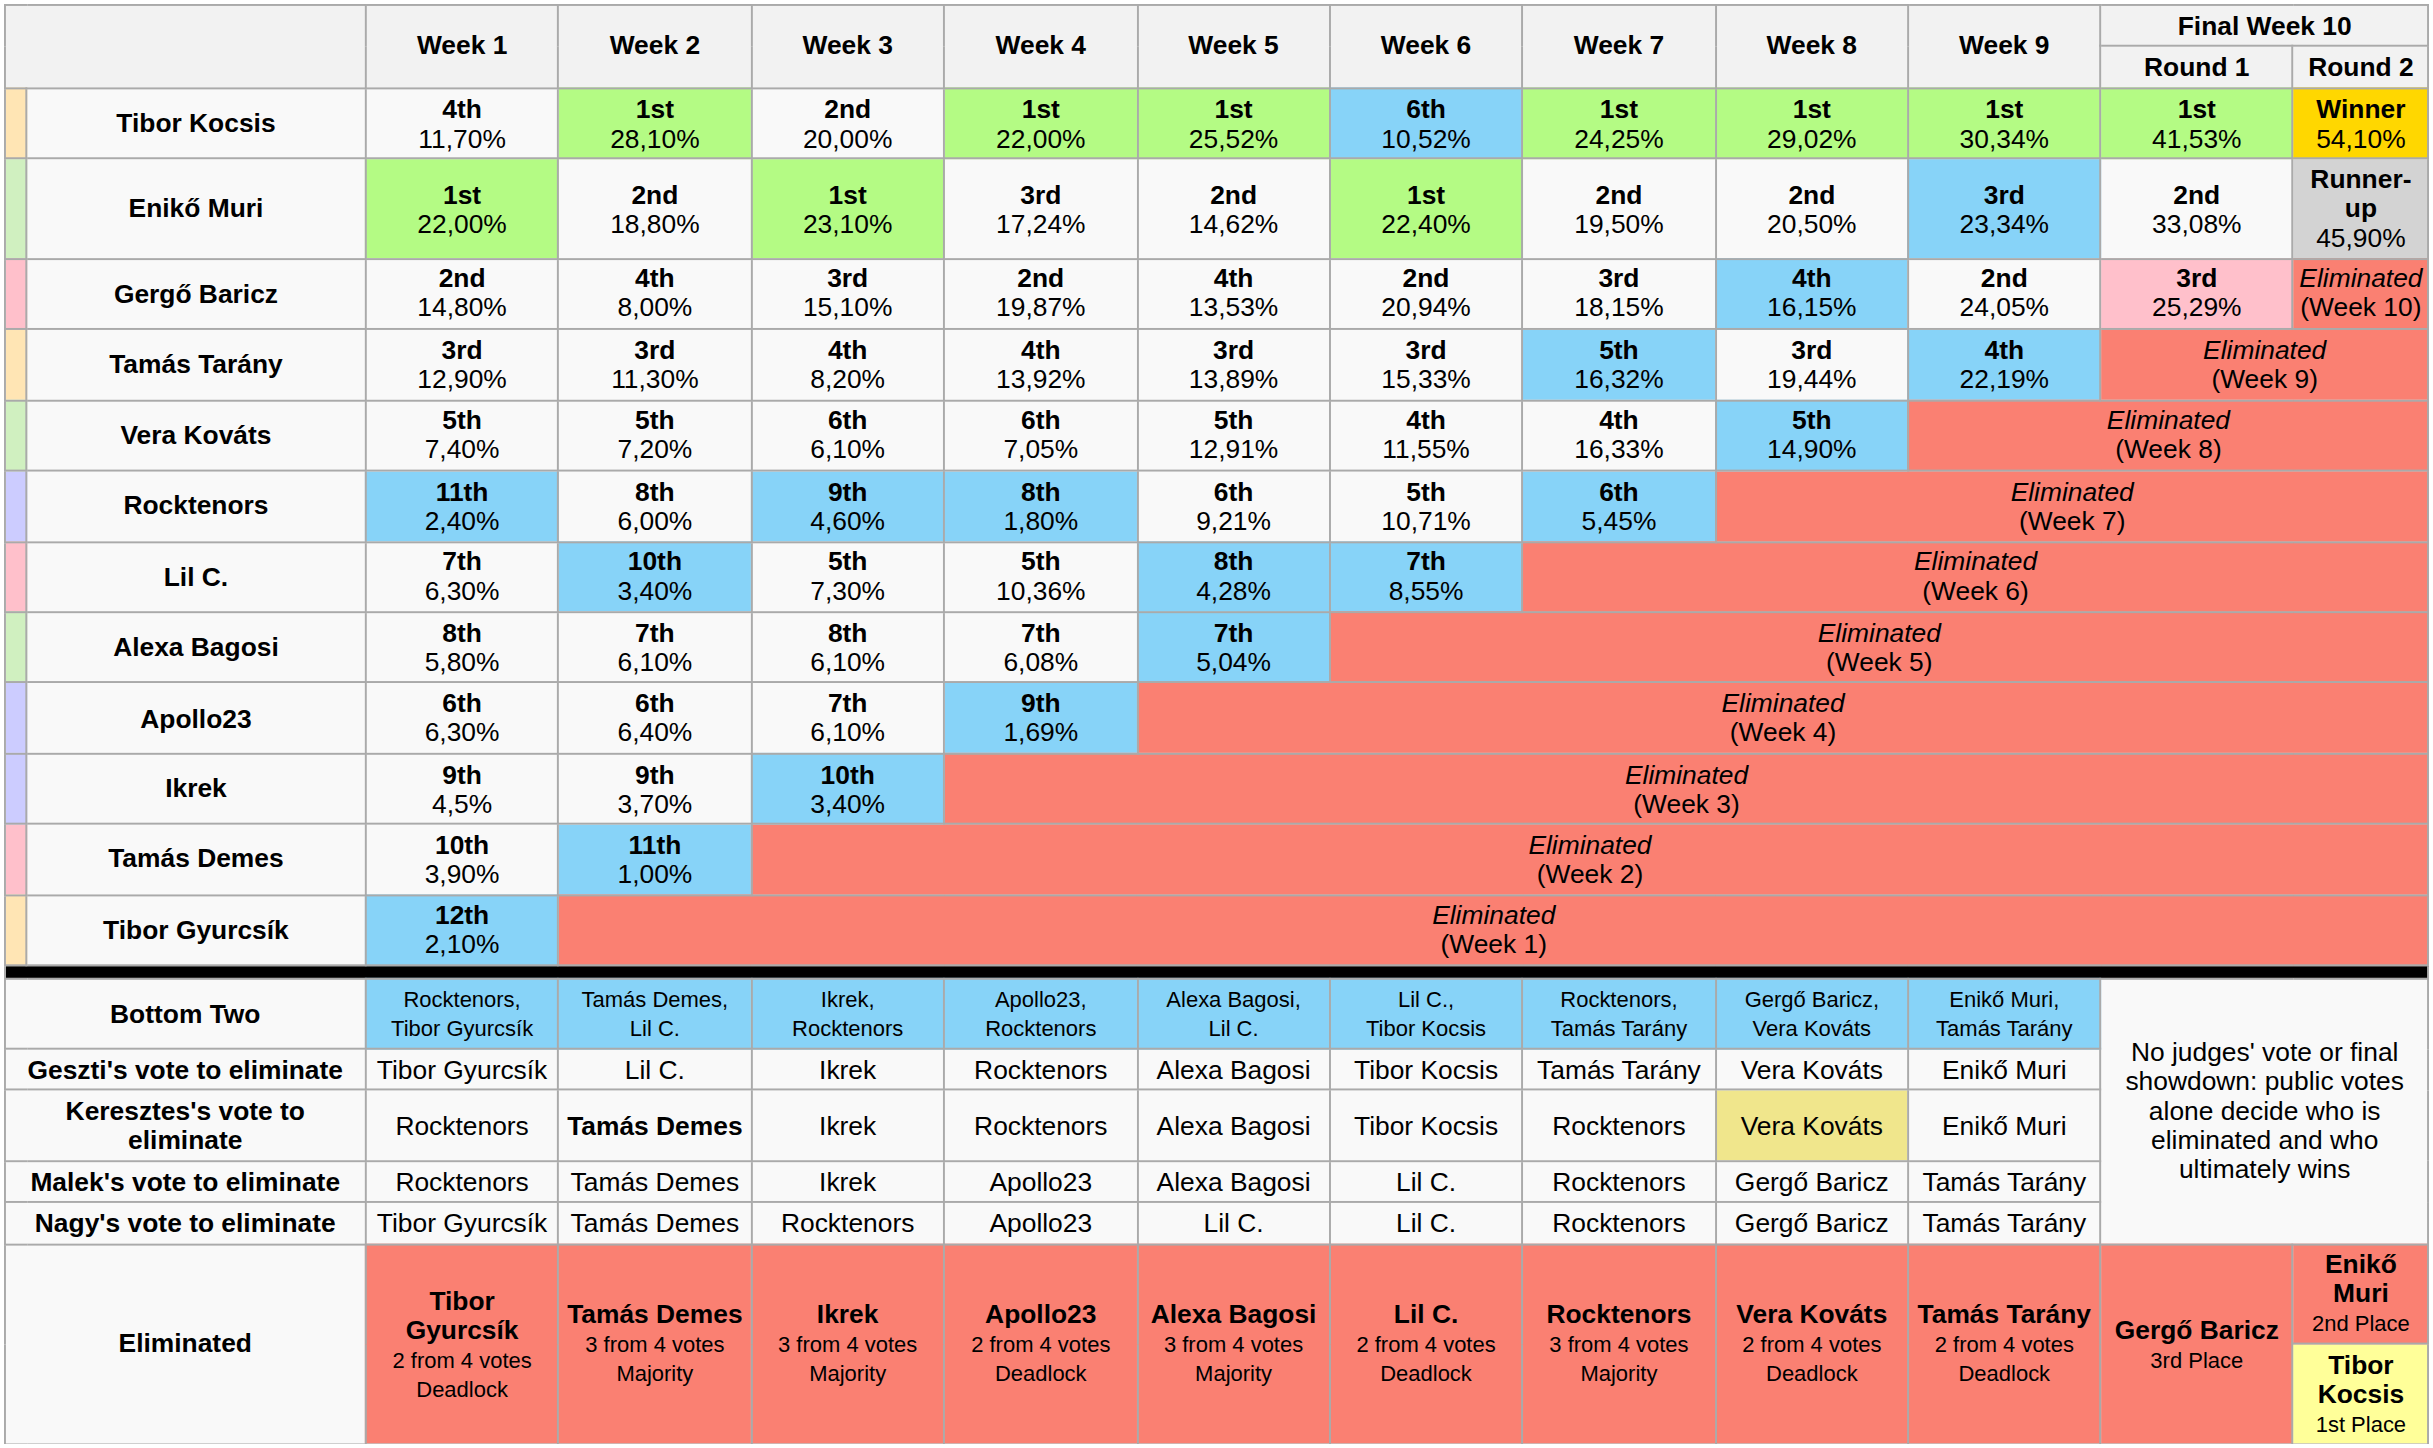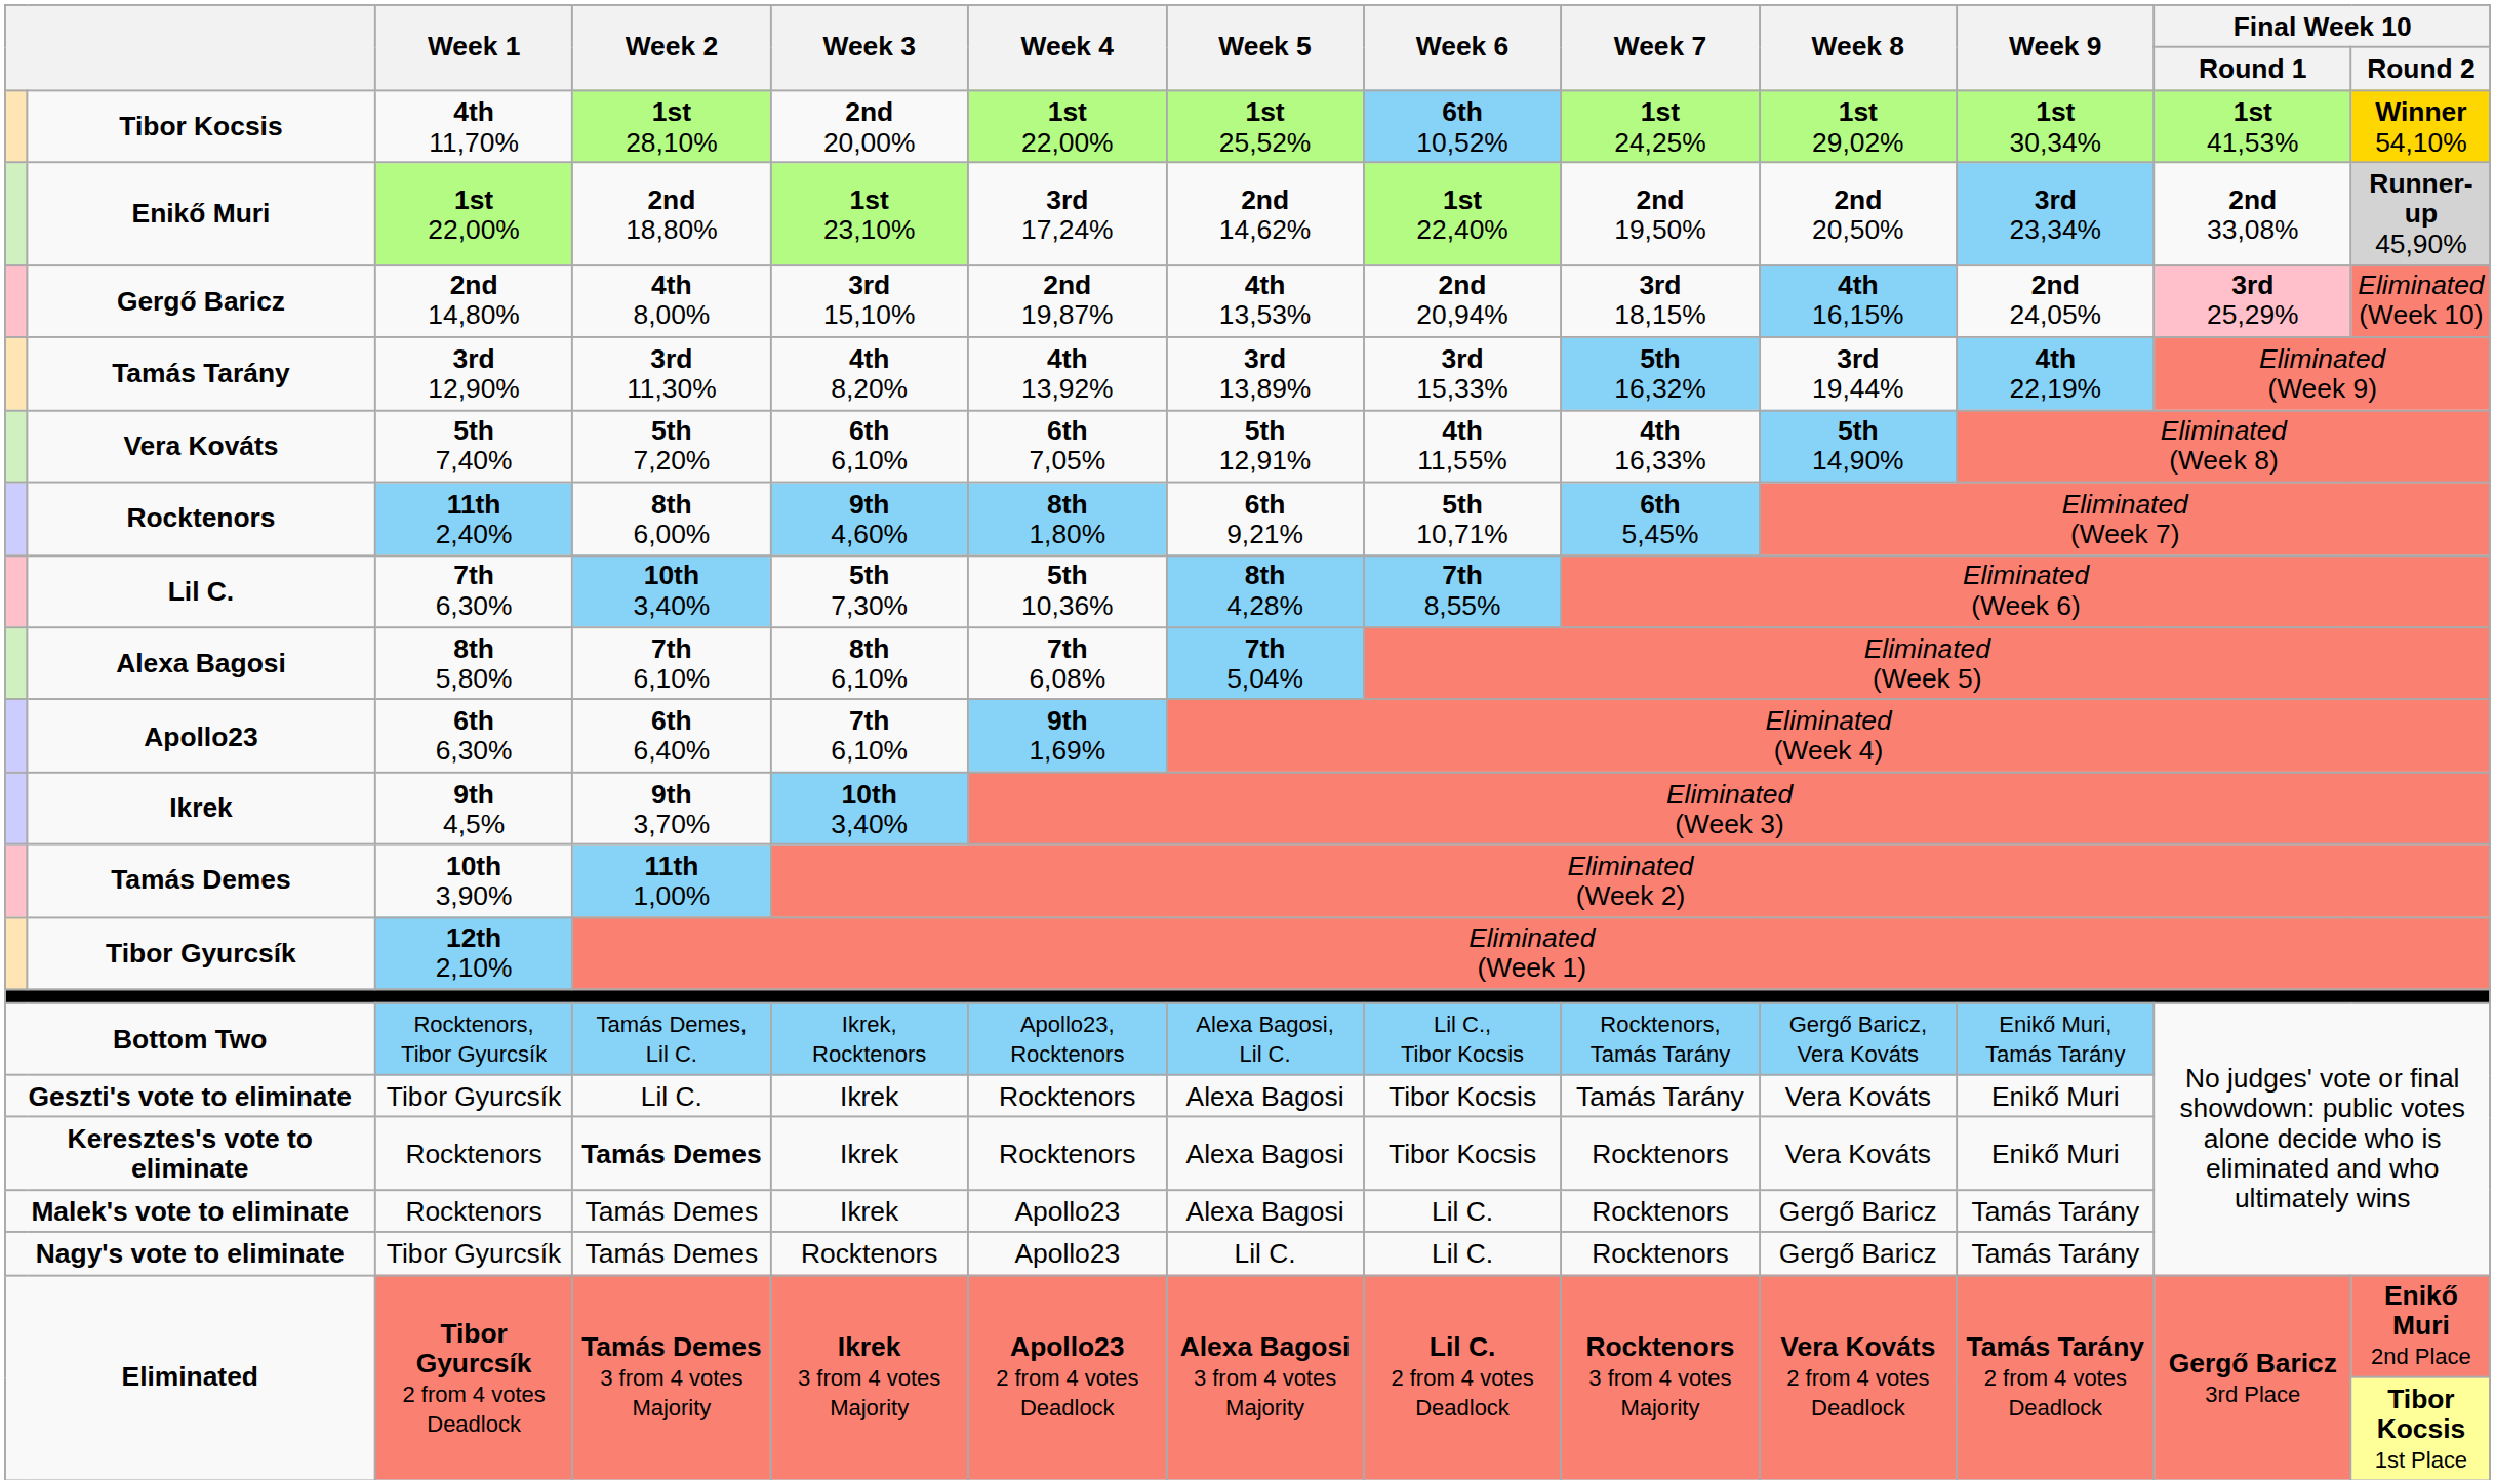 <table class="wikitable" style="text-align:center; font-size:85%">
 <tr>
 <th style="width:15%" rowspan=2 colspan=2></th>
 <th style="width:8%" rowspan=2>Week 1</th>
 <th style="width:8%" rowspan=2>Week 2</th>
 <th style="width:8%" rowspan=2>Week 3</th>
 <th style="width:8%" rowspan=2>Week 4</th>
 <th style="width:8%" rowspan=2>Week 5</th>
 <th style="width:8%" rowspan=2>Week 6</th>
 <th style="width:8%" rowspan=2>Week 7</th>
 <th style="width:8%" rowspan=2>Week 8</th>
 <th style="width:8%" rowspan=2>Week 9</th>
 <th colspan=2>Final Week 10</th>
 </tr>
 <tr>
 <th style="width:8%">Round 1</th>
 <th style="width:8%">Round 2</th>
 </tr>
 <tr>
 <td style="background:#ffe5b4;"></td>
 <td><strong>Tibor Kocsis</strong></td>
 <td><strong>4th</strong><br>11,70%</td>
 <td style="background:#B4FB84"><strong>1st</strong><br>28,10%</td>
 <td><strong>2nd</strong><br>20,00%</td>
 <td style="background:#B4FB84"><strong>1st</strong><br>22,00%</td>
 <td style="background:#B4FB84"><strong>1st</strong><br>25,52%</td>
 <td style="background:#87D3F8"><strong>6th</strong><br>10,52%</td>
 <td style="background:#B4FB84"><strong>1st</strong><br>24,25%</td>
 <td style="background:#B4FB84"><strong>1st</strong><br>29,02%</td>
 <td style="background:#B4FB84"><strong>1st</strong><br>30,34%</td>
 <td style="background:#B4FB84"><strong>1st</strong><br>41,53%</td>
 <td style="background:gold"><strong>Winner</strong><br>54,10%</td>
 </tr>
 <tr>
 <td style="background:#d0f0c0;"></td>
 <td><strong>Enikő Muri</strong></td>
 <td style="background:#B4FB84"><strong>1st</strong><br>22,00%</td>
 <td><strong>2nd</strong><br>18,80%</td>
 <td style="background:#B4FB84"><strong>1st</strong><br>23,10%</td>
 <td><strong>3rd</strong><br>17,24%</td>
 <td><strong>2nd</strong><br>14,62%</td>
 <td style="background:#B4FB84"><strong>1st</strong><br>22,40%</td>
 <td><strong>2nd</strong><br>19,50%</td>
 <td><strong>2nd</strong><br>20,50%</td>
 <td style="background:#87D3F8"><strong>3rd</strong><br>23,34%</td>
 <td><strong>2nd</strong><br>33,08%</td>
 <td style="background:lightgrey"><strong>Runner-up</strong><br>45,90%</td>
 </tr>
 <tr>
 <td style="background:pink"></td>
 <td><strong>Gergő Baricz</strong></td>
 <td><strong>2nd</strong><br>14,80%</td>
 <td><strong>4th</strong><br>8,00%</td>
 <td><strong>3rd</strong><br>15,10%</td>
 <td><strong>2nd</strong><br>19,87%</td>
 <td><strong>4th</strong><br>13,53%</td>
 <td><strong>2nd</strong><br>20,94%</td>
 <td><strong>3rd</strong><br>18,15%</td>
 <td style="background:#87D3F8"><strong>4th</strong><br>16,15%</td>
 <td><strong>2nd</strong><br>24,05%</td>
 <td style="background:pink"><strong>3rd</strong><br>25,29%</td>
 <td style="background:salmon;"><em>Eliminated</em><br>(Week 10)</td>
 </tr>
 <tr>
 <td style="background:#ffe5b4;"></td>
 <td><strong>Tamás Tarány</strong></td>
 <td><strong>3rd</strong><br>12,90%</td>
 <td><strong>3rd</strong><br>11,30%</td>
 <td><strong>4th</strong><br>8,20%</td>
 <td><strong>4th</strong><br>13,92%</td>
 <td><strong>3rd</strong><br>13,89%</td>
 <td><strong>3rd</strong><br>15,33%</td>
 <td style="background:#87D3F8"><strong>5th</strong><br>16,32%</td>
 <td><strong>3rd</strong><br>19,44%</td>
 <td style="background:#87D3F8"><strong>4th</strong><br>22,19%</td>
 <td style="background:salmon;" colspan="2"><em>Eliminated</em><br>(Week 9)</td>
 </tr>
 <tr>
 <td style="background:#d0f0c0;"></td>
 <td><strong>Vera Kováts</strong></td>
 <td><strong>5th</strong><br>7,40%</td>
 <td><strong>5th</strong><br>7,20%</td>
 <td><strong>6th</strong><br>6,10%</td>
 <td><strong>6th</strong><br>7,05%</td>
 <td><strong>5th</strong><br>12,91%</td>
 <td><strong>4th</strong><br>11,55%</td>
 <td><strong>4th</strong><br>16,33%</td>
 <td style="background:#87D3F8"><strong>5th</strong><br>14,90%</td>
 <td style="background:salmon;" colspan="3"><em>Eliminated</em><br>(Week 8)</td>
 </tr>
 <tr>
 <td style="background:#ccf;"></td>
 <td><strong>Rocktenors</strong></td>
 <td style="background:#87D3F8"><strong>11th</strong><br>2,40%</td>
 <td><strong>8th</strong><br>6,00%</td>
 <td style="background:#87D3F8"><strong>9th</strong><br>4,60%</td>
 <td style="background:#87D3F8"><strong>8th</strong><br>1,80%</td>
 <td><strong>6th</strong><br>9,21%</td>
 <td><strong>5th</strong><br>10,71%</td>
 <td style="background:#87D3F8"><strong>6th</strong><br>5,45%</td>
 <td style="background:salmon;" colspan="4"><em>Eliminated</em><br>(Week 7)</td>
 </tr>
 <tr>
 <td style="background:pink"></td>
 <td><strong>Lil C.</strong></td>
 <td><strong>7th</strong><br>6,30%</td>
 <td style="background:#87D3F8"><strong>10th</strong><br>3,40%</td>
 <td><strong>5th</strong><br>7,30%</td>
 <td><strong>5th</strong><br>10,36%</td>
 <td style="background:#87D3F8"><strong>8th</strong><br>4,28%</td>
 <td style="background:#87D3F8"><strong>7th</strong><br>8,55%</td>
 <td style="background:salmon;" colspan="5"><em>Eliminated</em><br>(Week 6)</td>
 </tr>
 <tr>
 <td style="background:#d0f0c0;"></td>
 <td><strong>Alexa Bagosi</strong></td>
 <td><strong>8th</strong><br>5,80%</td>
 <td><strong>7th</strong><br>6,10%</td>
 <td><strong>8th</strong><br>6,10%</td>
 <td><strong>7th</strong><br>6,08%</td>
 <td style="background:#87D3F8"><strong>7th</strong><br>5,04%</td>
 <td style="background:salmon;" colspan="6"><em>Eliminated</em><br>(Week 5)</td>
 </tr>
 <tr>
 <td style="background:#ccf;"></td>
 <td><strong>Apollo23</strong></td>
 <td><strong>6th</strong><br>6,30%</td>
 <td><strong>6th</strong><br>6,40%</td>
 <td><strong>7th</strong><br>6,10%</td>
 <td style="background:#87D3F8"><strong>9th</strong><br>1,69%</td>
 <td style="background:salmon;" colspan="7"><em>Eliminated</em><br>(Week 4)</td>
 </tr>
 <tr>
 <td style="background:#ccf;"></td>
 <td><strong>Ikrek</strong></td>
 <td><strong>9th</strong><br>4,5%</td>
 <td><strong>9th</strong><br>3,70%</td>
 <td style="background:#87D3F8"><strong>10th</strong><br>3,40%</td>
 <td style="background:salmon;" colspan="8"><em>Eliminated</em><br>(Week 3)</td>
 </tr>
 <tr>
 <td style="background:pink"></td>
 <td><strong>Tamás Demes</strong></td>
 <td><strong>10th</strong><br>3,90%</td>
 <td style="background:#87D3F8"><strong>11th</strong><br>1,00%</td>
 <td style="background:salmon;" colspan="9"><em>Eliminated</em><br>(Week 2)</td>
 </tr>
 <tr>
 <td style="background:#ffe5b4;"></td>
 <td><strong>Tibor Gyurcsík </strong></td>
 <td style="background:#87D3F8"><strong>12th</strong><br>2,10%</td>
 <td style="background:salmon;" colspan="10"><em>Eliminated</em><br>(Week 1)</td>
 </tr>
 <tr>
 <td style="background:#000;" colspan="13"></td>
 </tr>
 <tr>
 <td colspan=2><strong>Bottom Two</strong></td>
 <td style="background:#87D3F8"><small>Rocktenors,<br>Tibor Gyurcsík </small></td>
 <td style="background:#87D3F8"><small>Tamás Demes,<br>Lil C.</small></td>
 <td style="background:#87D3F8"><small>Ikrek,<br>Rocktenors</small></td>
 <td style="background:#87D3F8"><small>Apollo23,<br>Rocktenors</small></td>
 <td style="background:#87D3F8"><small>Alexa Bagosi,<br>Lil C.</small></td>
 <td style="background:#87D3F8"><small>Lil C.,<br>Tibor Kocsis</small></td>
 <td style="background:#87D3F8"><small>Rocktenors,<br>Tamás Tarány</small></td>
 <td style="background:#87D3F8"><small>Gergő Baricz,<br>Vera Kováts</small></td>
 <td style="background:#87D3F8"><small>Enikő Muri,<br>Tamás Tarány</small></td>
 <td rowspan=5 colspan=2>No judges' vote or final showdown: public votes alone decide who is eliminated and who ultimately wins</td>
 </tr>
 <tr>
 <td colspan="2"><strong>Geszti's vote to eliminate</strong></td>
 <td>Tibor Gyurcsík</td>
 <td>Lil C.</td>
 <td>Ikrek</td>
 <td>Rocktenors</td>
 <td>Alexa Bagosi</td>
 <td>Tibor Kocsis</td>
 <td>Tamás Tarány</td>
 <td>Vera Kováts</td>
 <td>Enikő Muri</td>
 </tr>
 <tr>
 <td colspan="2"><strong>Keresztes's vote to eliminate</strong></td>
 <td>Rocktenors</td>
 <td><strong>Tamás Demes</strong></td>
 <td>Ikrek</td>
 <td>Rocktenors</td>
 <td>Alexa Bagosi</td>
 <td>Tibor Kocsis</td>
 <td>Rocktenors</td>
-<td style="background: khaki;">Vera Kováts</td>
+<td>Vera Kováts</td>
 <td>Enikő Muri</td>
 </tr>
 <tr>
 <td colspan="2"><strong>Malek's vote to eliminate</strong></td>
 <td>Rocktenors</td>
 <td>Tamás Demes</td>
 <td>Ikrek</td>
 <td>Apollo23</td>
 <td>Alexa Bagosi</td>
 <td>Lil C.</td>
 <td>Rocktenors</td>
 <td>Gergő Baricz</td>
 <td>Tamás Tarány</td>
 </tr>
 <tr>
 <td colspan="2"><strong>Nagy's vote to eliminate</strong></td>
 <td>Tibor Gyurcsík</td>
 <td>Tamás Demes</td>
 <td>Rocktenors</td>
 <td>Apollo23</td>
 <td>Lil C.</td>
 <td>Lil C.</td>
 <td>Rocktenors</td>
 <td>Gergő Baricz</td>
 <td>Tamás Tarány</td>
 </tr>
 <tr>
 <td rowspan=2 colspan=2><strong>Eliminated</strong></td>
 <td style="background:salmon;" rowspan="2"><strong>Tibor Gyurcsík</strong><br><small>2 from 4 votes </small><br><small>Deadlock</small></td>
 <td style="background:salmon;" rowspan="2"><strong>Tamás Demes</strong><br><small>3 from 4 votes </small><br><small>Majority</small></td>
 <td style="background:salmon;" rowspan="2"><strong>Ikrek</strong><br><small>3 from 4 votes </small><br><small>Majority</small></td>
 <td style="background:salmon;" rowspan="2"><strong>Apollo23</strong><br><small>2 from 4 votes </small><br><small>Deadlock</small></td>
 <td style="background:salmon;" rowspan="2"><strong>Alexa Bagosi</strong><br><small>3 from 4 votes </small><br><small>Majority</small></td>
 <td style="background:salmon;" rowspan="2"><strong>Lil C.</strong><br><small>2 from 4 votes </small><br><small>Deadlock</small></td>
 <td style="background:salmon;" rowspan="2"><strong>Rocktenors</strong><br><small>3 from 4 votes </small><br><small>Majority</small></td>
 <td style="background:salmon;" rowspan="2"><strong>Vera Kováts</strong><br><small>2 from 4 votes </small><br><small>Deadlock</small></td>
 <td style="background:salmon;" rowspan="2"><strong>Tamás Tarány</strong><br><small>2 from 4 votes </small><br><small>Deadlock</small></td>
 <td style="background:salmon; width:5%;" rowspan="2"><strong>Gergő Baricz</strong><br><small>3rd Place</small></td>
 <td style="background:salmon;"><strong>Enikő Muri</strong><br><small>2nd Place</small></td>
 </tr>
 <tr>
 <td style="background:#ff9; width:5%;"><strong>Tibor Kocsis</strong><br><small>1st Place</small></td>
 </tr>
 </table>
